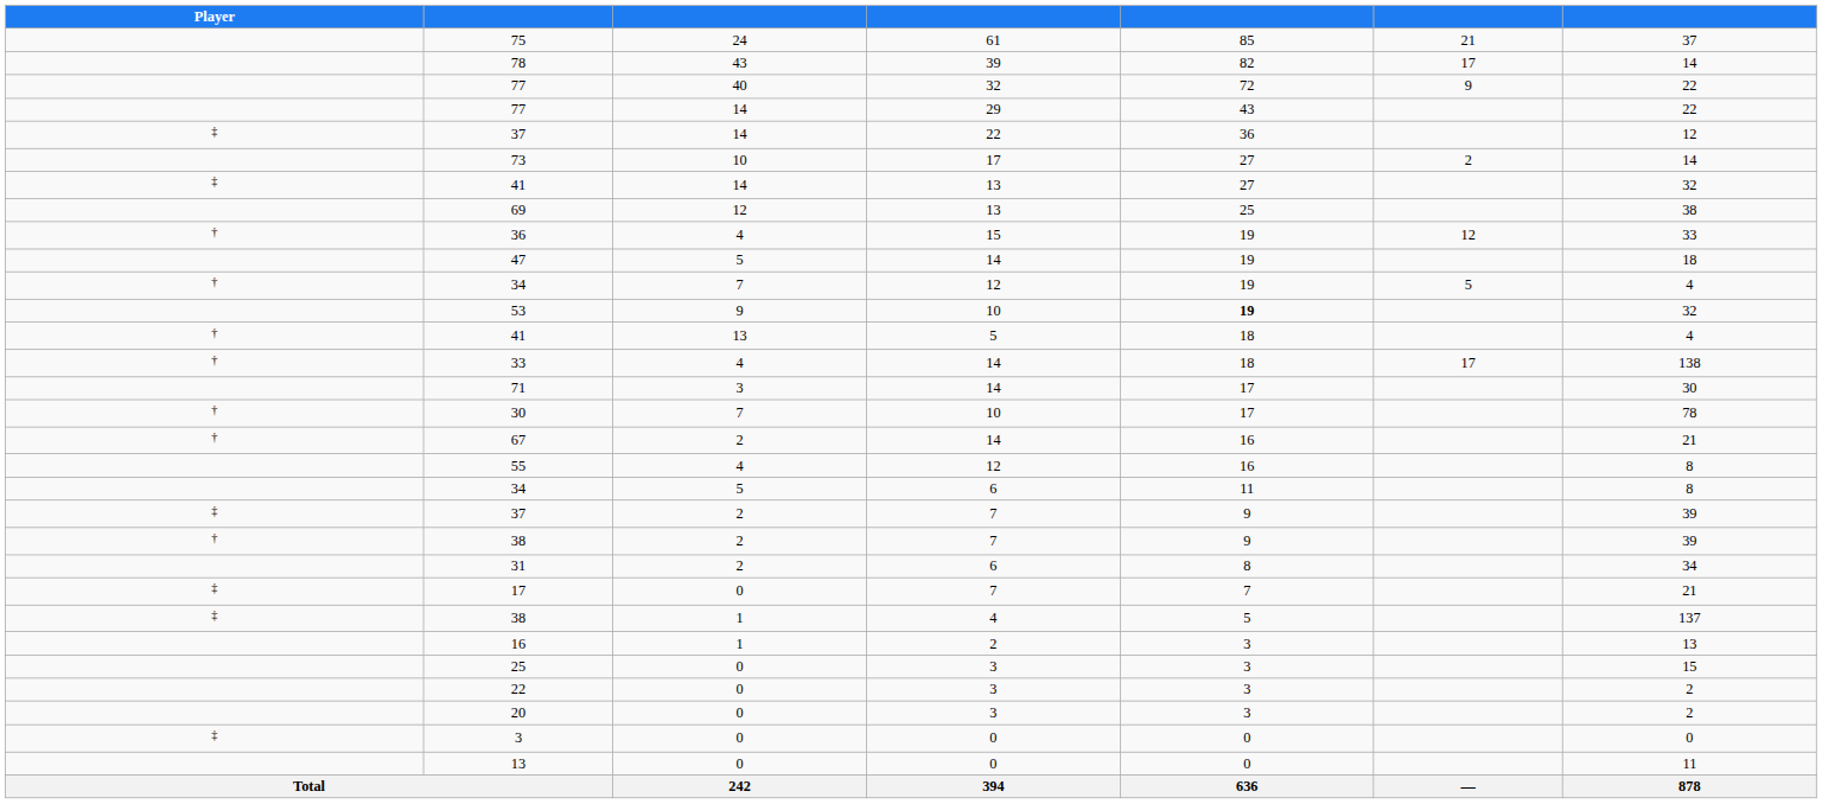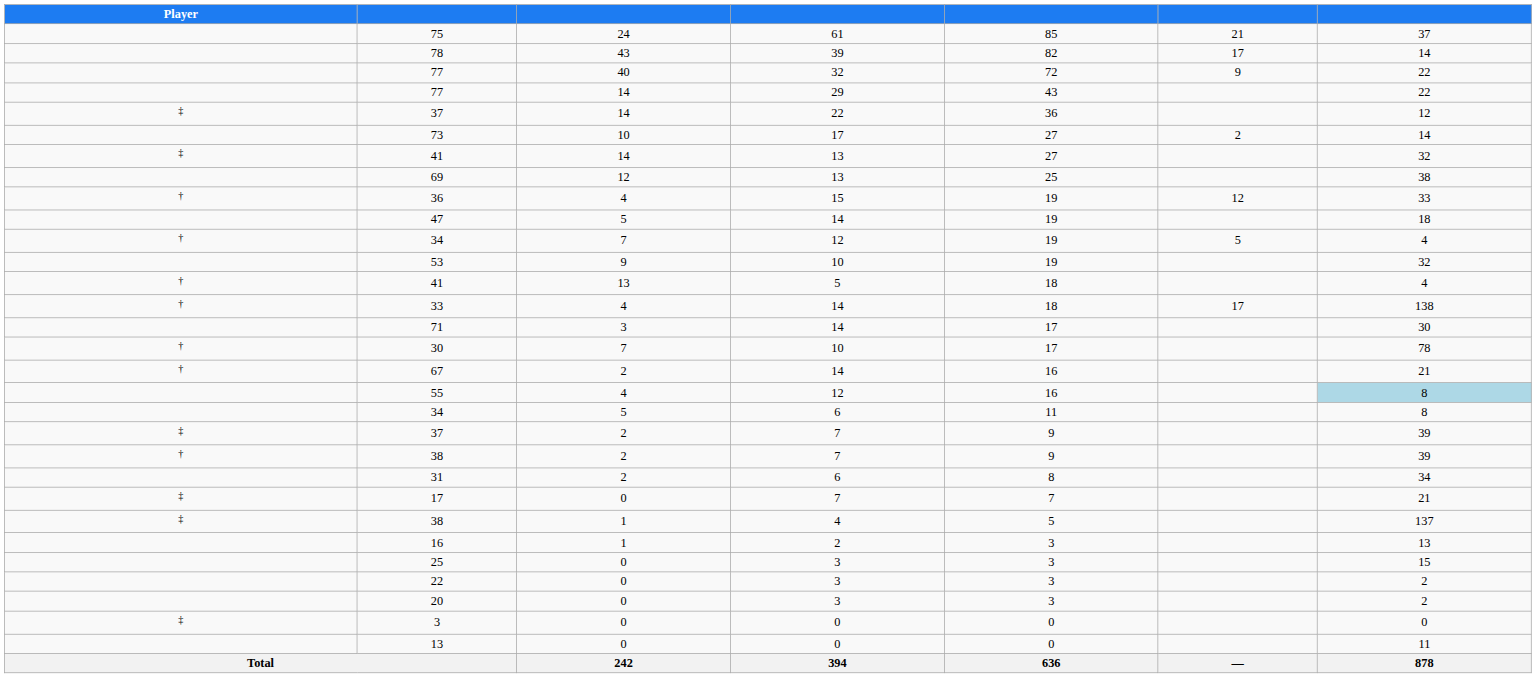 <table class="wikitable sortable" style="width:100%; text-align:center;">
 <tr align=center>
 <th style="color:white; background:#1D7CF2; ">Player</th>
 <th style="color:white; background:#1D7CF2; "></th>
 <th style="color:white; background:#1D7CF2; "></th>
 <th style="color:white; background:#1D7CF2; "></th>
 <th style="color:white; background:#1D7CF2; "></th>
 <th style="color:white; background:#1D7CF2; "></th>
 <th style="color:white; background:#1D7CF2; "></th>
 </tr>
 <tr>
 <td></td>
 <td>75</td>
 <td>24</td>
 <td>61</td>
 <td>85</td>
 <td>21</td>
 <td>37</td>
 </tr>
 <tr>
 <td></td>
 <td>78</td>
 <td>43</td>
 <td>39</td>
 <td>82</td>
 <td>17</td>
 <td>14</td>
 </tr>
 <tr>
 <td></td>
 <td>77</td>
 <td>40</td>
 <td>32</td>
 <td>72</td>
 <td>9</td>
 <td>22</td>
 </tr>
 <tr>
 <td></td>
 <td>77</td>
 <td>14</td>
 <td>29</td>
 <td>43</td>
 <td></td>
 <td>22</td>
 </tr>
 <tr>
 <td><sup>‡</sup></td>
 <td>37</td>
 <td>14</td>
 <td>22</td>
 <td>36</td>
 <td></td>
 <td>12</td>
 </tr>
 <tr>
 <td></td>
 <td>73</td>
 <td>10</td>
 <td>17</td>
 <td>27</td>
 <td>2</td>
 <td>14</td>
 </tr>
 <tr>
 <td><sup>‡</sup></td>
 <td>41</td>
 <td>14</td>
 <td>13</td>
 <td>27</td>
 <td></td>
 <td>32</td>
 </tr>
 <tr>
 <td></td>
 <td>69</td>
 <td>12</td>
 <td>13</td>
 <td>25</td>
 <td></td>
 <td>38</td>
 </tr>
 <tr>
 <td><sup>†</sup></td>
 <td>36</td>
 <td>4</td>
 <td>15</td>
 <td>19</td>
 <td>12</td>
 <td>33</td>
 </tr>
 <tr>
 <td></td>
 <td>47</td>
 <td>5</td>
 <td>14</td>
 <td>19</td>
 <td></td>
 <td>18</td>
 </tr>
 <tr>
 <td><sup>†</sup></td>
 <td>34</td>
 <td>7</td>
 <td>12</td>
 <td>19</td>
 <td>5</td>
 <td>4</td>
 </tr>
 <tr>
 <td></td>
 <td>53</td>
 <td>9</td>
 <td>10</td>
-<td><strong>19</strong></td>
+<td>19</td>
 <td></td>
 <td>32</td>
 </tr>
 <tr>
 <td><sup>†</sup></td>
 <td>41</td>
 <td>13</td>
 <td>5</td>
 <td>18</td>
 <td></td>
 <td>4</td>
 </tr>
 <tr>
 <td><sup>†</sup></td>
 <td>33</td>
 <td>4</td>
 <td>14</td>
 <td>18</td>
 <td>17</td>
 <td>138</td>
 </tr>
 <tr>
 <td></td>
 <td>71</td>
 <td>3</td>
 <td>14</td>
 <td>17</td>
 <td></td>
 <td>30</td>
 </tr>
 <tr>
 <td><sup>†</sup></td>
 <td>30</td>
 <td>7</td>
 <td>10</td>
 <td>17</td>
 <td></td>
 <td>78</td>
 </tr>
 <tr>
 <td><sup>†</sup></td>
 <td>67</td>
 <td>2</td>
 <td>14</td>
 <td>16</td>
 <td></td>
 <td>21</td>
 </tr>
 <tr>
 <td></td>
 <td>55</td>
 <td>4</td>
 <td>12</td>
 <td>16</td>
 <td></td>
-<td>8</td>
+<td style="background: lightblue;">8</td>
 </tr>
 <tr>
 <td></td>
 <td>34</td>
 <td>5</td>
 <td>6</td>
 <td>11</td>
 <td></td>
 <td>8</td>
 </tr>
 <tr>
 <td><sup>‡</sup></td>
 <td>37</td>
 <td>2</td>
 <td>7</td>
 <td>9</td>
 <td></td>
 <td>39</td>
 </tr>
 <tr>
 <td><sup>†</sup></td>
 <td>38</td>
 <td>2</td>
 <td>7</td>
 <td>9</td>
 <td></td>
 <td>39</td>
 </tr>
 <tr>
 <td></td>
 <td>31</td>
 <td>2</td>
 <td>6</td>
 <td>8</td>
 <td></td>
 <td>34</td>
 </tr>
 <tr>
 <td><sup>‡</sup></td>
 <td>17</td>
 <td>0</td>
 <td>7</td>
 <td>7</td>
 <td></td>
 <td>21</td>
 </tr>
 <tr>
 <td><sup>‡</sup></td>
 <td>38</td>
 <td>1</td>
 <td>4</td>
 <td>5</td>
 <td></td>
 <td>137</td>
 </tr>
 <tr>
 <td></td>
 <td>16</td>
 <td>1</td>
 <td>2</td>
 <td>3</td>
 <td></td>
 <td>13</td>
 </tr>
 <tr>
 <td></td>
 <td>25</td>
 <td>0</td>
 <td>3</td>
 <td>3</td>
 <td></td>
 <td>15</td>
 </tr>
 <tr>
 <td></td>
 <td>22</td>
 <td>0</td>
 <td>3</td>
 <td>3</td>
 <td></td>
 <td>2</td>
 </tr>
 <tr>
 <td></td>
 <td>20</td>
 <td>0</td>
 <td>3</td>
 <td>3</td>
 <td></td>
 <td>2</td>
 </tr>
 <tr>
 <td><sup>‡</sup></td>
 <td>3</td>
 <td>0</td>
 <td>0</td>
 <td>0</td>
 <td></td>
 <td>0</td>
 </tr>
 <tr>
 <td></td>
 <td>13</td>
 <td>0</td>
 <td>0</td>
 <td>0</td>
 <td></td>
 <td>11</td>
 </tr>
 <tr class="sortbottom">
 <th colspan=2>Total</th>
 <th>242</th>
 <th>394</th>
 <th>636</th>
 <th>—</th>
 <th>878</th>
 </tr>
 </table>
